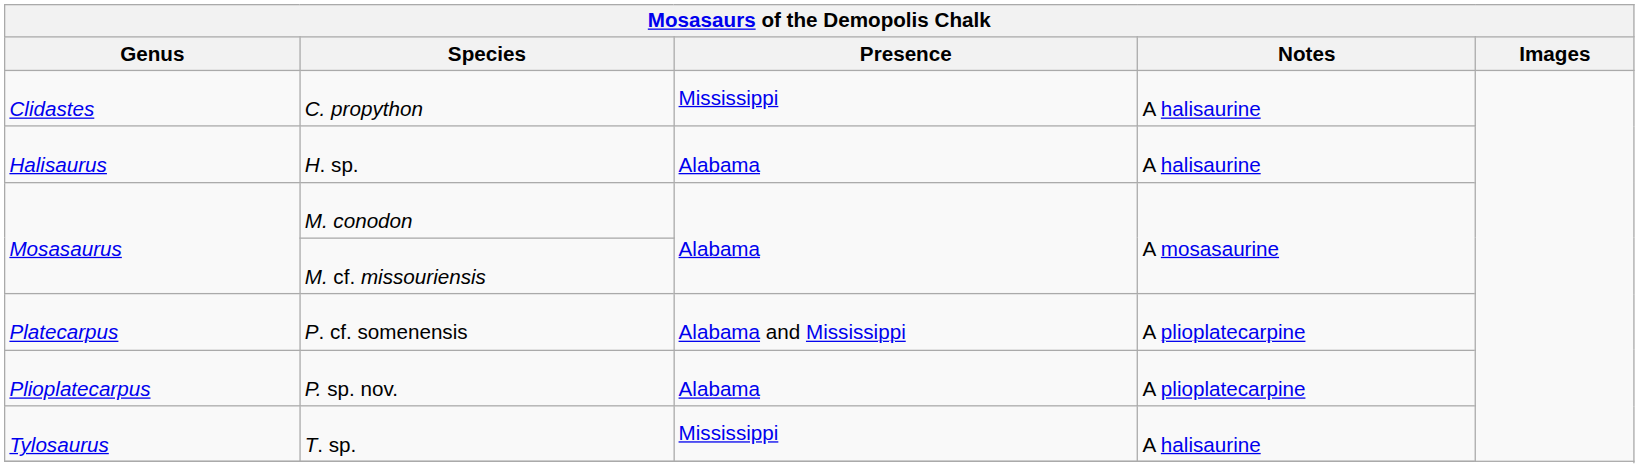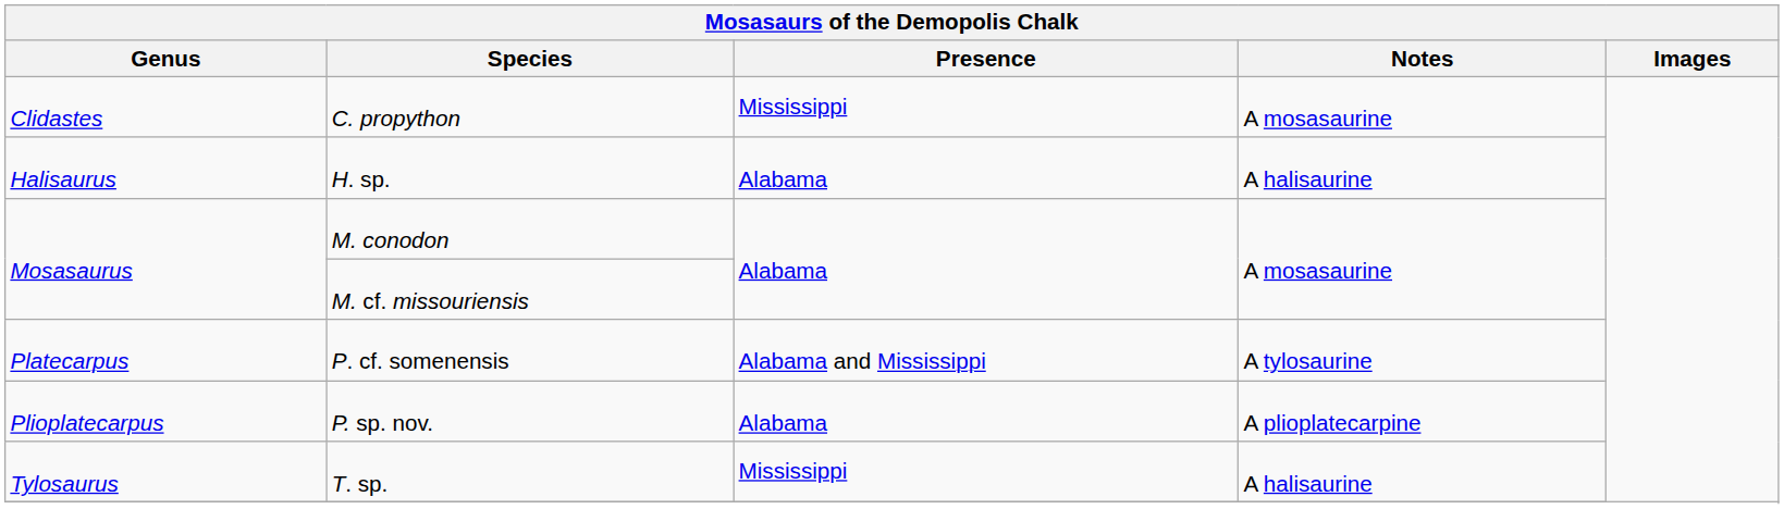 <table class="wikitable" align="center" width="100%">
 <tr>
 <th colspan="5" align="center"><strong><a href='#'>Mosasaurs</a> of the Demopolis Chalk</strong></th>
 </tr>
 <tr>
 <th>Genus</th>
 <th>Species</th>
 <th>Presence</th>
 <th>Notes</th>
 <th>Images</th>
 </tr>
 <tr>
 <td><br><em><a href='#'>Clidastes</a></em></td>
 <td><br><em>C. propython</em></td>
 <td><a href='#'>Mississippi</a></td>
-<td><br>A <a href='#'>halisaurine</a></td>
+<td><br>A <a href='#'>mosasaurine</a></td>
 <td rowspan="96"><br> </td>
 </tr>
 <tr>
 <td><br><em><a href='#'>Halisaurus</a></em></td>
 <td><br><em>H</em>. sp.</td>
 <td><br><a href='#'>Alabama</a></td>
 <td><br>A <a href='#'>halisaurine</a></td>
 </tr>
 <tr>
 <td rowspan="2"><br><em><a href='#'>Mosasaurus</a></em></td>
 <td><br><em>M. conodon</em></td>
 <td rowspan="2"><br><a href='#'>Alabama</a></td>
 <td rowspan="2"><br>A <a href='#'>mosasaurine</a></td>
 </tr>
 <tr>
 <td><br><em>M.</em> cf. <em>missouriensis</em></td>
 </tr>
 <tr>
 <td><br><em><a href='#'>Platecarpus</a></em></td>
 <td><br><em>P</em>. cf. somenensis</td>
 <td><br><a href='#'>Alabama</a> and <a href='#'>Mississippi</a></td>
-<td><br>A <a href='#'>plioplatecarpine</a></td>
+<td><br>A <a href='#'>tylosaurine</a></td>
 </tr>
 <tr>
 <td><br><em><a href='#'>Plioplatecarpus</a></em></td>
 <td><br><em>P.</em> sp. nov.</td>
 <td><br><a href='#'>Alabama</a></td>
 <td><br>A <a href='#'>plioplatecarpine</a></td>
 </tr>
 <tr>
 <td><br><em><a href='#'>Tylosaurus</a></em></td>
 <td><br><em>T</em>. sp.</td>
 <td><a href='#'>Mississippi</a></td>
 <td><br>A <a href='#'>halisaurine</a></td>
 </tr>
 <tr>
 </tr>
 </table>
